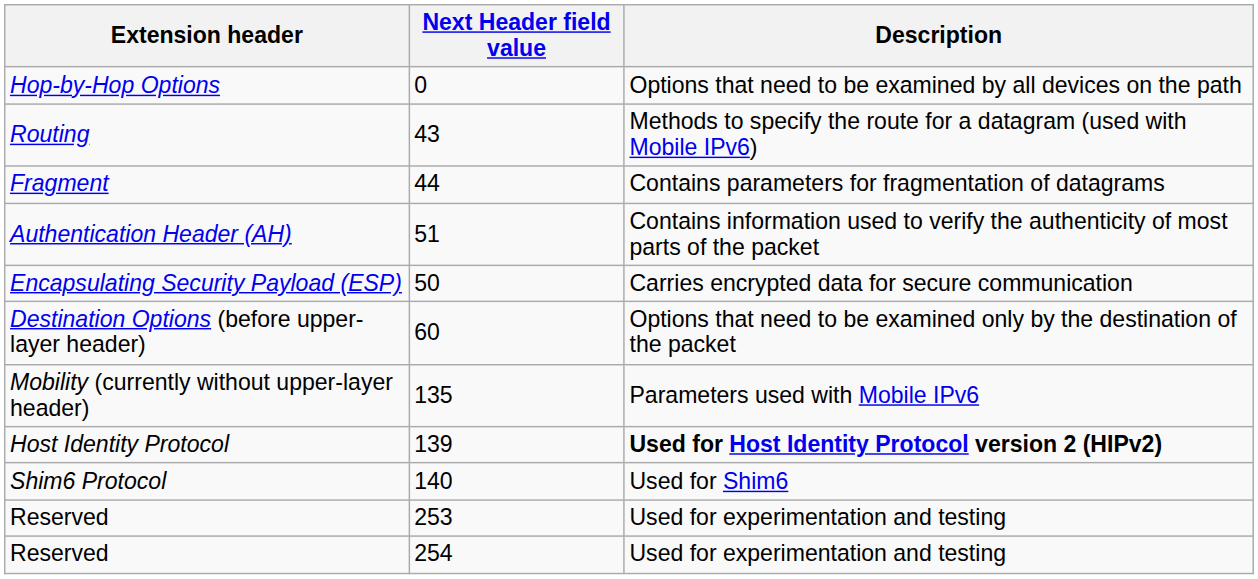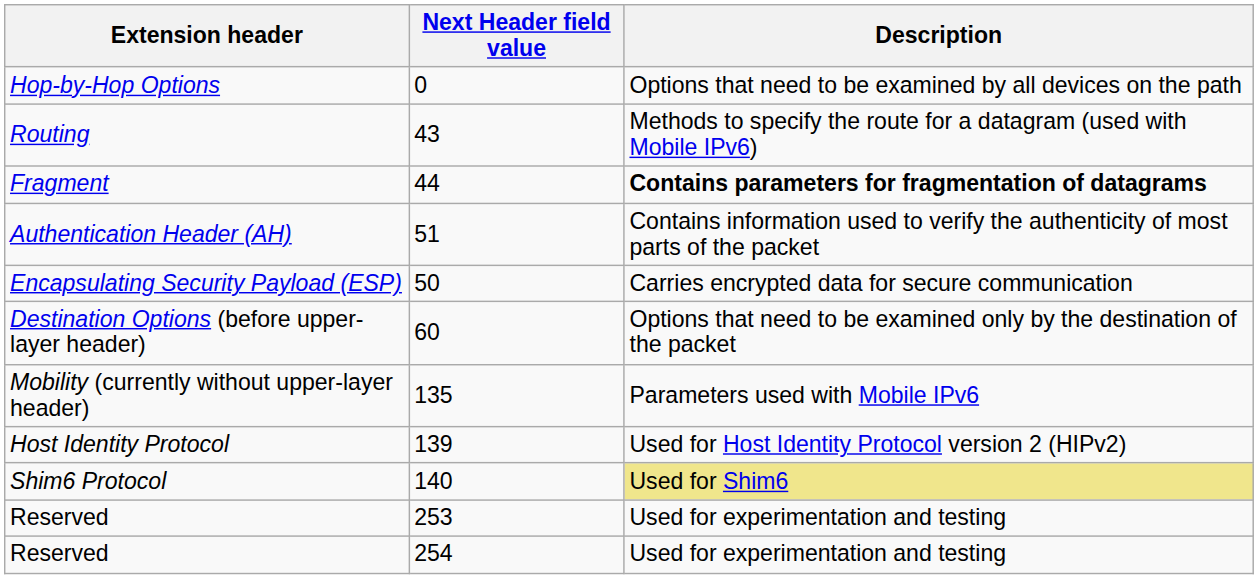 <table class="wikitable" >
 <tr>
 <th>Extension header</th>
 <th><a href='#'>Next Header field value</a></th>
 <th>Description</th>
 </tr>
 <tr>
 <td><em><a href='#'>Hop-by-Hop Options</a></em></td>
 <td>0</td>
 <td>Options that need to be examined by all devices on the path</td>
 </tr>
 <tr>
 <td><em><a href='#'>Routing</a></em></td>
 <td>43</td>
 <td>Methods to specify the route for a datagram (used with <a href='#'>Mobile IPv6</a>)</td>
 </tr>
 <tr>
 <td><em><a href='#'>Fragment</a></em></td>
 <td>44</td>
-<td>Contains parameters for fragmentation of datagrams</td>
+<td><strong>Contains parameters for fragmentation of datagrams</strong></td>
 </tr>
 <tr>
 <td><em><a href='#'>Authentication Header (AH)</a></em></td>
 <td>51</td>
 <td>Contains information used to verify the authenticity of most parts of the packet</td>
 </tr>
 <tr>
 <td><em><a href='#'>Encapsulating Security Payload (ESP)</a></em></td>
 <td>50</td>
 <td>Carries encrypted data for secure communication</td>
 </tr>
 <tr>
 <td><em><a href='#'>Destination Options</a></em> (before upper-layer header) </td>
 <td>60</td>
 <td>Options that need to be examined only by the destination of the packet</td>
 </tr>
 <tr>
 <td><em>Mobility</em> (currently without upper-layer header) </td>
 <td>135</td>
 <td>Parameters used with <a href='#'>Mobile IPv6</a></td>
 </tr>
 <tr>
 <td><em>Host Identity Protocol</em></td>
 <td>139</td>
-<td><strong>Used for <a href='#'>Host Identity Protocol</a> version 2 (HIPv2)</strong></td>
+<td>Used for <a href='#'>Host Identity Protocol</a> version 2 (HIPv2)</td>
 </tr>
 <tr>
 <td><em>Shim6 Protocol</em></td>
 <td>140</td>
-<td>Used for <a href='#'>Shim6</a></td>
+<td style="background: khaki;">Used for <a href='#'>Shim6</a></td>
 </tr>
 <tr>
 <td>Reserved</td>
 <td>253</td>
 <td>Used for experimentation and testing</td>
 </tr>
 <tr>
 <td>Reserved</td>
 <td>254</td>
 <td>Used for experimentation and testing</td>
 </tr>
 </table>
